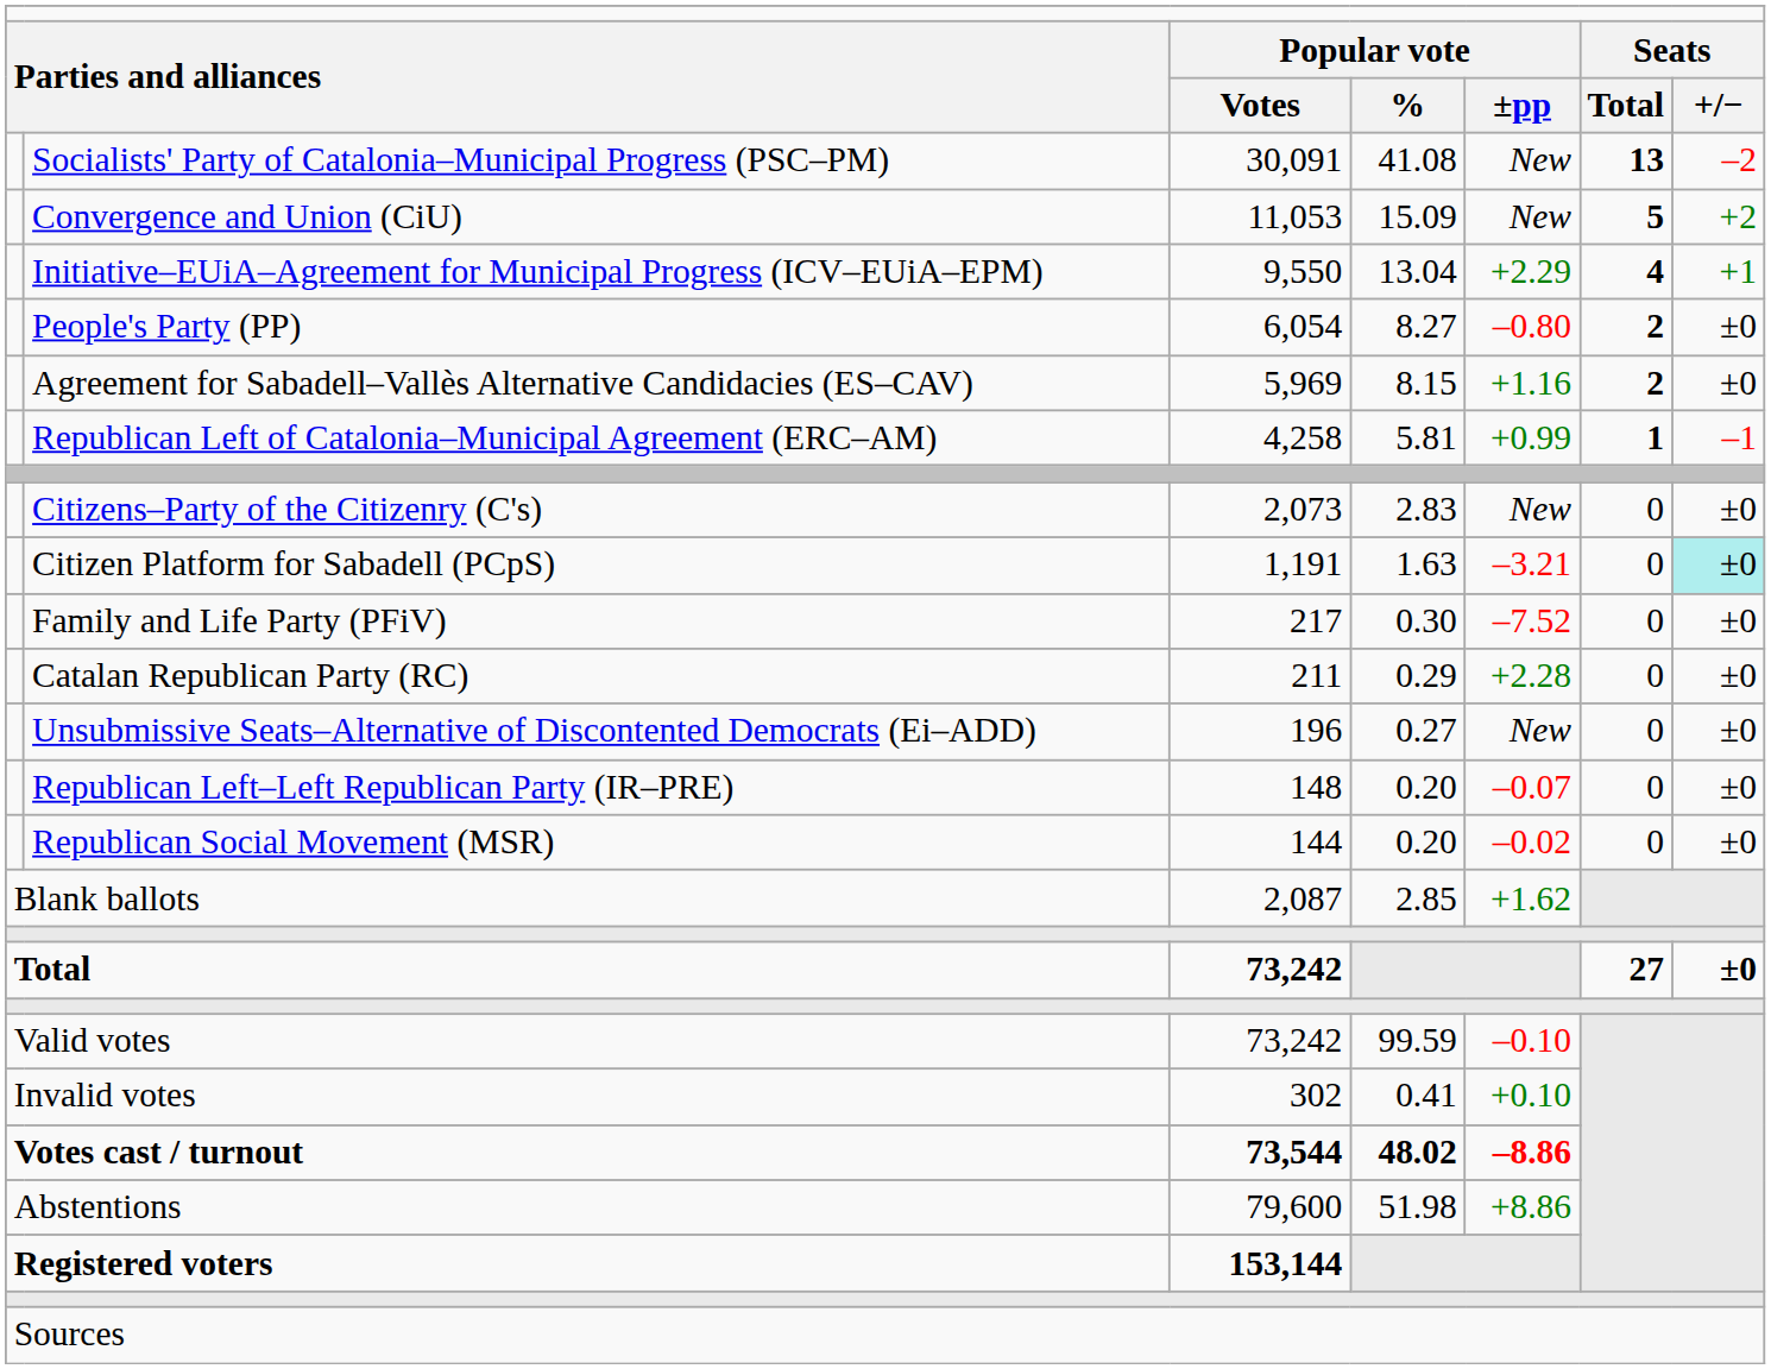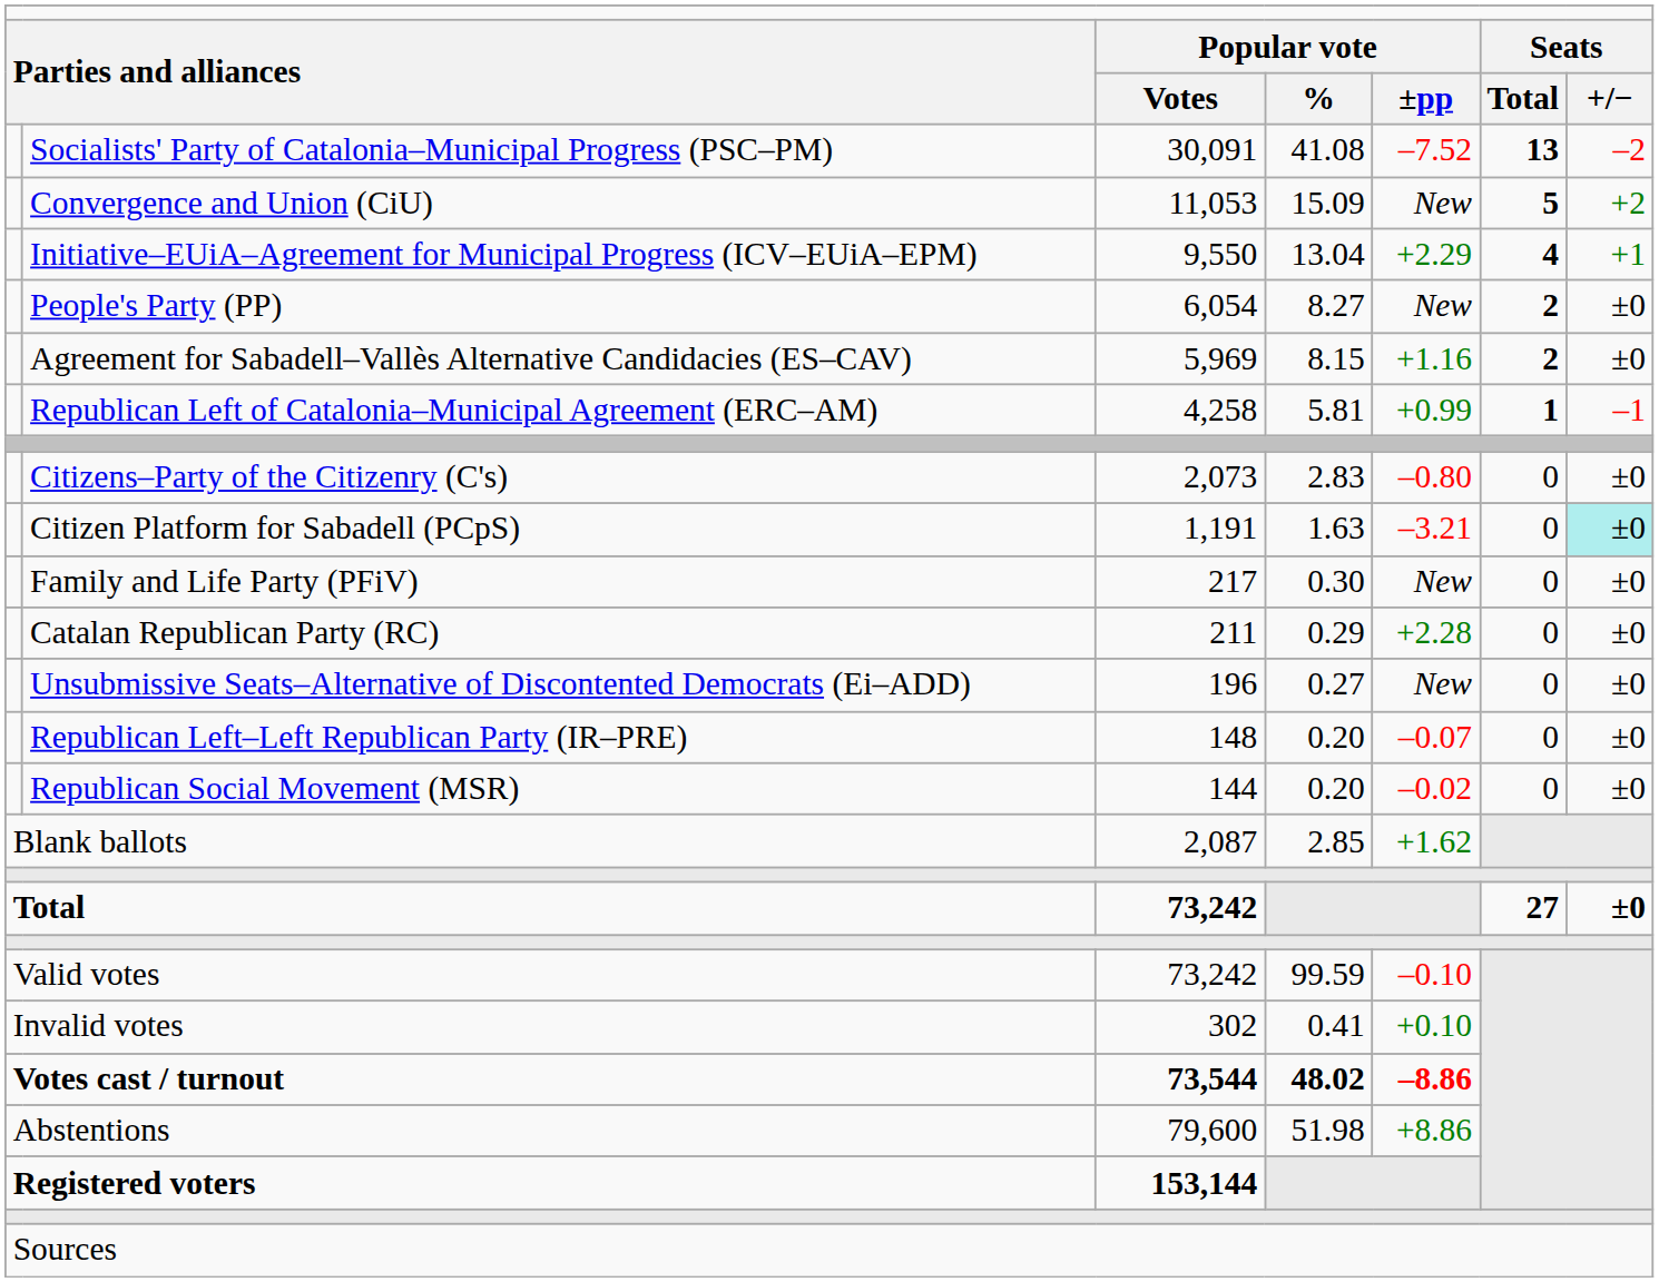 <table class="wikitable" style="text-align:right;">
 <tr>
 <td colspan="7"></td>
 </tr>
 <tr>
 <th style="text-align:left;" rowspan="2" colspan="2" width="525">Parties and alliances</th>
 <th colspan="3">Popular vote</th>
 <th colspan="2">Seats</th>
 </tr>
 <tr>
 <th width="75">Votes</th>
 <th width="45">%</th>
 <th width="45">±<a href='#'>pp</a></th>
 <th width="35">Total</th>
 <th width="35">+/−</th>
 </tr>
 <tr>
 <td width="1" style="color:inherit;background:"></td>
 <td align="left"><a href='#'>Socialists' Party of Catalonia–Municipal Progress</a> (PSC–PM)</td>
 <td>30,091</td>
 <td>41.08</td>
-<td><em>New</em></td>
+<td style="color:red;">–7.52</td>
 <td><strong>13</strong></td>
 <td style="color:red;">–2</td>
 </tr>
 <tr>
 <td style="color:inherit;background:"></td>
 <td align="left"><a href='#'>Convergence and Union</a> (CiU)</td>
 <td>11,053</td>
 <td>15.09</td>
 <td><em>New</em></td>
 <td><strong>5</strong></td>
 <td style="color:green;">+2</td>
 </tr>
 <tr>
 <td style="color:inherit;background:"></td>
 <td align="left"><a href='#'>Initiative–EUiA–Agreement for Municipal Progress</a> (ICV–EUiA–EPM)</td>
 <td>9,550</td>
 <td>13.04</td>
 <td style="color:green;">+2.29</td>
 <td><strong>4</strong></td>
 <td style="color:green;">+1</td>
 </tr>
 <tr>
 <td style="color:inherit;background:"></td>
 <td align="left"><a href='#'>People's Party</a> (PP)</td>
 <td>6,054</td>
 <td>8.27</td>
-<td style="color:red;">–0.80</td>
+<td><em>New</em></td>
 <td><strong>2</strong></td>
 <td>±0</td>
 </tr>
 <tr>
 <td style="color:inherit;background:"></td>
 <td align="left">Agreement for Sabadell–Vallès Alternative Candidacies (ES–CAV)</td>
 <td>5,969</td>
 <td>8.15</td>
 <td style="color:green;">+1.16</td>
 <td><strong>2</strong></td>
 <td>±0</td>
 </tr>
 <tr>
 <td style="color:inherit;background:"></td>
 <td align="left"><a href='#'>Republican Left of Catalonia–Municipal Agreement</a> (ERC–AM)</td>
 <td>4,258</td>
 <td>5.81</td>
 <td style="color:green;">+0.99</td>
 <td><strong>1</strong></td>
 <td style="color:red;">–1</td>
 </tr>
 <tr>
 <td colspan="7" style="color:inherit;background:#C0C0C0"></td>
 </tr>
 <tr>
 <td style="color:inherit;background:"></td>
 <td align="left"><a href='#'>Citizens–Party of the Citizenry</a> (C's)</td>
 <td>2,073</td>
 <td>2.83</td>
-<td><em>New</em></td>
+<td style="color:red;">–0.80</td>
 <td>0</td>
 <td>±0</td>
 </tr>
 <tr>
 <td style="color:inherit;background:"></td>
 <td align="left">Citizen Platform for Sabadell (PCpS)</td>
 <td>1,191</td>
 <td>1.63</td>
 <td style="color:red;">–3.21</td>
 <td>0</td>
 <td style="background: paleturquoise;">±0</td>
 </tr>
 <tr>
 <td style="color:inherit;background:"></td>
 <td align="left">Family and Life Party (PFiV)</td>
 <td>217</td>
 <td>0.30</td>
-<td style="color:red;">–7.52</td>
+<td><em>New</em></td>
 <td>0</td>
 <td>±0</td>
 </tr>
 <tr>
 <td style="color:inherit;background:"></td>
 <td align="left">Catalan Republican Party (RC)</td>
 <td>211</td>
 <td>0.29</td>
 <td style="color:green;">+2.28</td>
 <td>0</td>
 <td>±0</td>
 </tr>
 <tr>
 <td style="color:inherit;background:"></td>
 <td align="left"><a href='#'>Unsubmissive Seats–Alternative of Discontented Democrats</a> (Ei–ADD)</td>
 <td>196</td>
 <td>0.27</td>
 <td><em>New</em></td>
 <td>0</td>
 <td>±0</td>
 </tr>
 <tr>
 <td style="color:inherit;background:"></td>
 <td align="left"><a href='#'>Republican Left–Left Republican Party</a> (IR–PRE)</td>
 <td>148</td>
 <td>0.20</td>
 <td style="color:red;">–0.07</td>
 <td>0</td>
 <td>±0</td>
 </tr>
 <tr>
 <td style="color:inherit;background:"></td>
 <td align="left"><a href='#'>Republican Social Movement</a> (MSR)</td>
 <td>144</td>
 <td>0.20</td>
 <td style="color:red;">–0.02</td>
 <td>0</td>
 <td>±0</td>
 </tr>
 <tr>
 <td align="left" colspan="2">Blank ballots</td>
 <td>2,087</td>
 <td>2.85</td>
 <td style="color:green;">+1.62</td>
 <td style="color:inherit;background:#E9E9E9" colspan="2"></td>
 </tr>
 <tr>
 <td colspan="7" style="color:inherit;background:#E9E9E9"></td>
 </tr>
 <tr style="font-weight:bold;">
 <td align="left" colspan="2">Total</td>
 <td>73,242</td>
 <td bgcolor="#E9E9E9" colspan="2"></td>
 <td>27</td>
 <td>±0</td>
 </tr>
 <tr>
 <td colspan="7" style="color:inherit;background:#E9E9E9"></td>
 </tr>
 <tr>
 <td align="left" colspan="2">Valid votes</td>
 <td>73,242</td>
 <td>99.59</td>
 <td style="color:red;">–0.10</td>
 <td bgcolor="#E9E9E9" colspan="2" rowspan="5"></td>
 </tr>
 <tr>
 <td align="left" colspan="2">Invalid votes</td>
 <td>302</td>
 <td>0.41</td>
 <td style="color:green;">+0.10</td>
 </tr>
 <tr style="font-weight:bold;">
 <td align="left" colspan="2">Votes cast / turnout</td>
 <td>73,544</td>
 <td>48.02</td>
 <td style="color:red;">–8.86</td>
 </tr>
 <tr>
 <td align="left" colspan="2">Abstentions</td>
 <td>79,600</td>
 <td>51.98</td>
 <td style="color:green;">+8.86</td>
 </tr>
 <tr style="font-weight:bold;">
 <td align="left" colspan="2">Registered voters</td>
 <td>153,144</td>
 <td bgcolor="#E9E9E9" colspan="2"></td>
 </tr>
 <tr>
 <td colspan="7" style="color:inherit;background:#E9E9E9"></td>
 </tr>
 <tr>
 <td align="left" colspan="7">Sources</td>
 </tr>
 </table>
